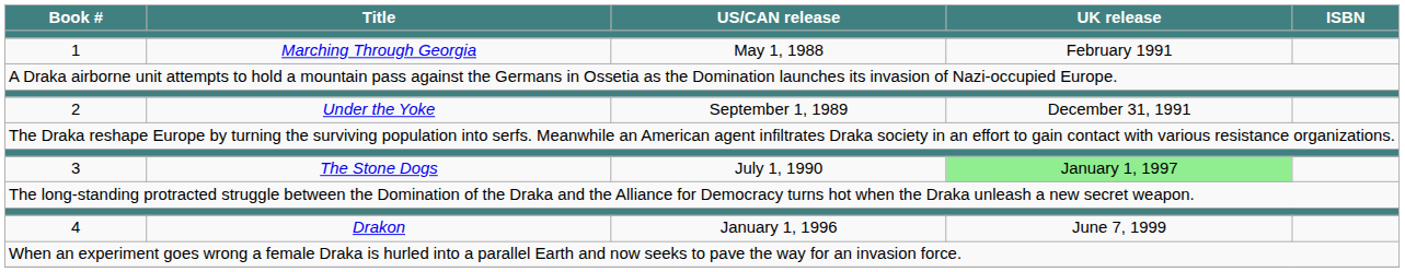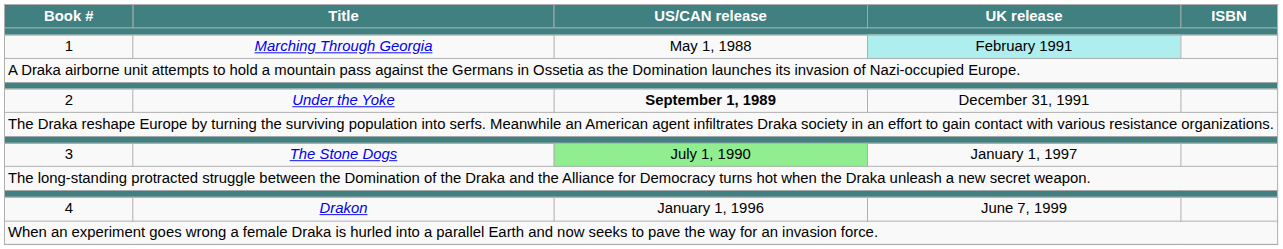 <table class="wikitable">
 <tr style="color:white">
 <th style="background-color: #408080;">Book #</th>
 <th style="background-color: #408080;">Title</th>
 <th style="background-color: #408080;">US/CAN release</th>
 <th style="background-color: #408080;">UK release</th>
 <th style="background-color: #408080;">ISBN</th>
 </tr>
 <tr>
 <td colspan="6" bgcolor="#408080"></td>
 </tr>
 <tr>
 <td align="center">1</td>
 <td align="center"><em><a href='#'>Marching Through Georgia</a></em></td>
 <td align="center">May 1, 1988</td>
-<td align="center">February 1991</td>
+<td align="center" style="background: paleturquoise;">February 1991</td>
 <td align="center"></td>
 </tr>
 <tr>
 <td colspan="6">A Draka airborne unit attempts to hold a mountain pass against the Germans in Ossetia as the Domination launches its invasion of Nazi-occupied Europe.</td>
 </tr>
 <tr>
 <td colspan="6" bgcolor="#408080"></td>
 </tr>
 <tr>
 <td align="center">2</td>
 <td align="center"><em><a href='#'>Under the Yoke</a></em></td>
-<td align="center">September 1, 1989</td>
+<td align="center"><strong>September 1, 1989</strong></td>
 <td align="center">December 31, 1991</td>
 <td align="center"></td>
 </tr>
 <tr>
 <td colspan="6">The Draka reshape Europe by turning the surviving population into serfs. Meanwhile an American agent infiltrates Draka society in an effort to gain contact with various resistance organizations.</td>
 </tr>
 <tr>
 <td colspan="6" bgcolor="#408080"></td>
 </tr>
 <tr>
 <td align="center">3</td>
 <td align="center"><em><a href='#'>The Stone Dogs</a></em></td>
-<td align="center">July 1, 1990</td>
-<td align="center" style="background: lightgreen;">January 1, 1997</td>
+<td align="center" style="background: lightgreen;">July 1, 1990</td>
+<td align="center">January 1, 1997</td>
 <td align="center"></td>
 </tr>
 <tr>
 <td colspan="6">The long-standing protracted struggle between the Domination of the Draka and the Alliance for Democracy turns hot when the Draka unleash a new secret weapon.</td>
 </tr>
 <tr>
 <td colspan="6" bgcolor="#408080"></td>
 </tr>
 <tr>
 <td align="center">4</td>
 <td align="center"><em><a href='#'>Drakon</a></em></td>
 <td align="center">January 1, 1996</td>
 <td align="center">June 7, 1999</td>
 <td align="center"></td>
 </tr>
 <tr>
 <td colspan="6">When an experiment goes wrong a female Draka is hurled into a parallel Earth and now seeks to pave the way for an invasion force.</td>
 </tr>
 <tr>
 </tr>
 </table>
